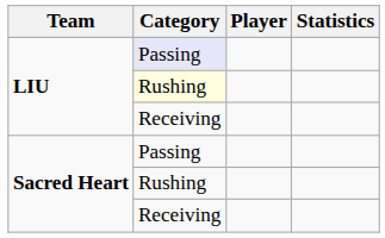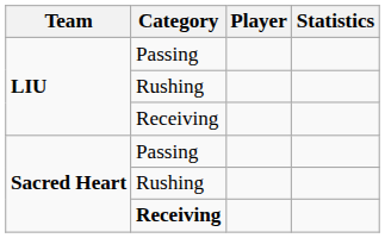 <table class="wikitable" style="float: right;">
 <tr>
 <th>Team</th>
 <th>Category</th>
 <th>Player</th>
 <th>Statistics</th>
 </tr>
 <tr>
 <td rowspan=3><strong>LIU</strong></td>
-<td style="background: lavender;">Passing</td>
+<td>Passing</td>
 <td></td>
 <td></td>
 </tr>
 <tr>
-<td style="background: lightyellow;">Rushing</td>
+<td>Rushing</td>
 <td></td>
 <td></td>
 </tr>
 <tr>
 <td>Receiving</td>
 <td></td>
 <td></td>
 </tr>
 <tr>
 <td rowspan=3><strong>Sacred Heart</strong></td>
 <td>Passing</td>
 <td></td>
 <td></td>
 </tr>
 <tr>
 <td>Rushing</td>
 <td></td>
 <td></td>
 </tr>
 <tr>
-<td>Receiving</td>
+<td><strong>Receiving</strong></td>
 <td></td>
 <td></td>
 </tr>
 </table>
